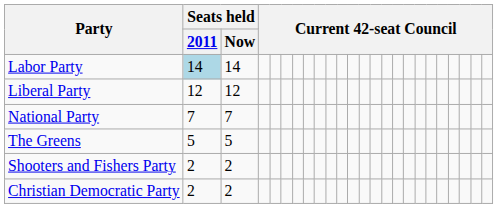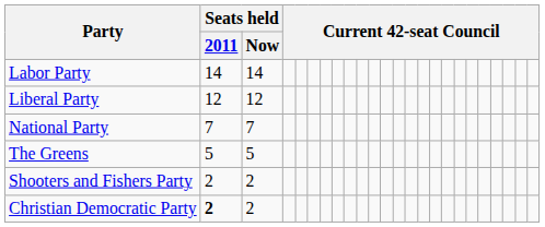 <table class="wikitable">
 <tr>
 <th rowspan=2>Party</th>
 <th colspan=2>Seats held</th>
 <th rowspan=2 colspan=42>Current 42-seat Council</th>
 </tr>
 <tr>
 <th><a href='#'>2011</a></th>
 <th>Now</th>
 </tr>
 <tr>
 <td><a href='#'>Labor Party</a></td>
-<td style="background: lightblue;">14</td>
+<td>14</td>
 <td>14</td>
 <td> </td>
 <td> </td>
 <td> </td>
 <td> </td>
 <td> </td>
 <td> </td>
 <td> </td>
 <td> </td>
 <td> </td>
 <td> </td>
 <td> </td>
 <td> </td>
 <td> </td>
 <td> </td>
 <td> </td>
 <td> </td>
 <td> </td>
 <td> </td>
 <td> </td>
 <td> </td>
 <td> </td>
 </tr>
 <tr>
 <td><a href='#'>Liberal Party</a></td>
 <td>12</td>
 <td>12</td>
 <td> </td>
 <td> </td>
 <td> </td>
 <td> </td>
 <td> </td>
 <td> </td>
 <td> </td>
 <td> </td>
 <td> </td>
 <td> </td>
 <td> </td>
 <td> </td>
 <td> </td>
 <td> </td>
 <td> </td>
 <td> </td>
 <td> </td>
 <td> </td>
 <td> </td>
 <td> </td>
 <td> </td>
 </tr>
 <tr>
 <td><a href='#'>National Party</a></td>
 <td>7</td>
 <td>7</td>
 <td> </td>
 <td> </td>
 <td> </td>
 <td> </td>
 <td> </td>
 <td> </td>
 <td> </td>
 <td> </td>
 <td> </td>
 <td> </td>
 <td> </td>
 <td> </td>
 <td> </td>
 <td> </td>
 <td> </td>
 <td> </td>
 <td> </td>
 <td> </td>
 <td> </td>
 <td> </td>
 <td> </td>
 </tr>
 <tr>
 <td><a href='#'>The Greens</a></td>
 <td>5</td>
 <td>5</td>
 <td> </td>
 <td> </td>
 <td> </td>
 <td> </td>
 <td> </td>
 <td> </td>
 <td> </td>
 <td> </td>
 <td> </td>
 <td> </td>
 <td> </td>
 <td> </td>
 <td> </td>
 <td> </td>
 <td> </td>
 <td> </td>
 <td> </td>
 <td> </td>
 <td> </td>
 <td> </td>
 <td> </td>
 </tr>
 <tr>
 <td><a href='#'>Shooters and Fishers Party</a></td>
 <td>2</td>
 <td>2</td>
 <td> </td>
 <td> </td>
 <td> </td>
 <td> </td>
 <td> </td>
 <td> </td>
 <td> </td>
 <td> </td>
 <td> </td>
 <td> </td>
 <td> </td>
 <td> </td>
 <td> </td>
 <td> </td>
 <td> </td>
 <td> </td>
 <td> </td>
 <td> </td>
 <td> </td>
 <td> </td>
 <td> </td>
 </tr>
 <tr>
 <td><a href='#'>Christian Democratic Party</a></td>
-<td>2</td>
+<td><strong>2</strong></td>
 <td>2</td>
 <td> </td>
 <td> </td>
 <td> </td>
 <td> </td>
 <td> </td>
 <td> </td>
 <td> </td>
 <td> </td>
 <td> </td>
 <td> </td>
 <td> </td>
 <td> </td>
 <td> </td>
 <td> </td>
 <td> </td>
 <td> </td>
 <td> </td>
 <td> </td>
 <td> </td>
 <td> </td>
 <td> </td>
 </tr>
 </table>
